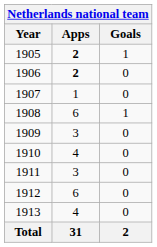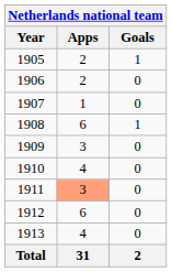 <table class="wikitable" style="text-align:center">
 <tr>
 <th colspan=3><a href='#'>Netherlands national team</a></th>
 </tr>
 <tr>
 <th>Year</th>
 <th>Apps</th>
 <th>Goals</th>
 </tr>
 <tr>
 <td>1905</td>
-<td><strong>2</strong></td>
+<td>2</td>
 <td>1</td>
 </tr>
 <tr>
 <td>1906</td>
-<td><strong>2</strong></td>
+<td>2</td>
 <td>0</td>
 </tr>
 <tr>
 <td>1907</td>
 <td>1</td>
 <td>0</td>
 </tr>
 <tr>
 <td>1908</td>
 <td>6</td>
 <td>1</td>
 </tr>
 <tr>
 <td>1909</td>
 <td>3</td>
 <td>0</td>
 </tr>
 <tr>
 <td>1910</td>
 <td>4</td>
 <td>0</td>
 </tr>
 <tr>
 <td>1911</td>
-<td>3</td>
+<td style="background: lightsalmon;">3</td>
 <td>0</td>
 </tr>
 <tr>
 <td>1912</td>
 <td>6</td>
 <td>0</td>
 </tr>
 <tr>
 <td>1913</td>
 <td>4</td>
 <td>0</td>
 </tr>
 <tr>
 <th>Total</th>
 <th>31</th>
 <th>2</th>
 </tr>
 </table>
